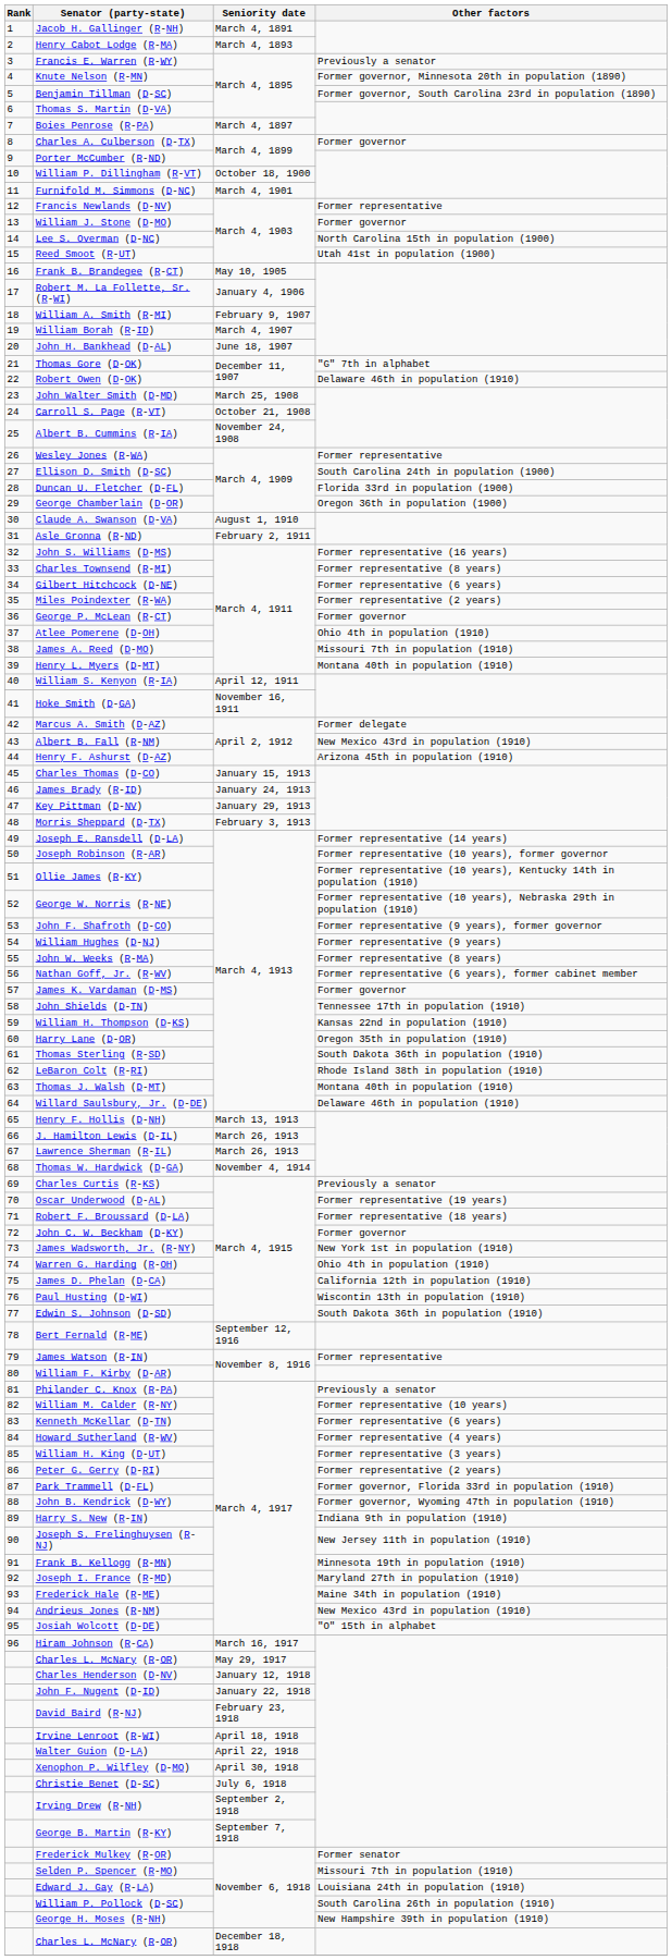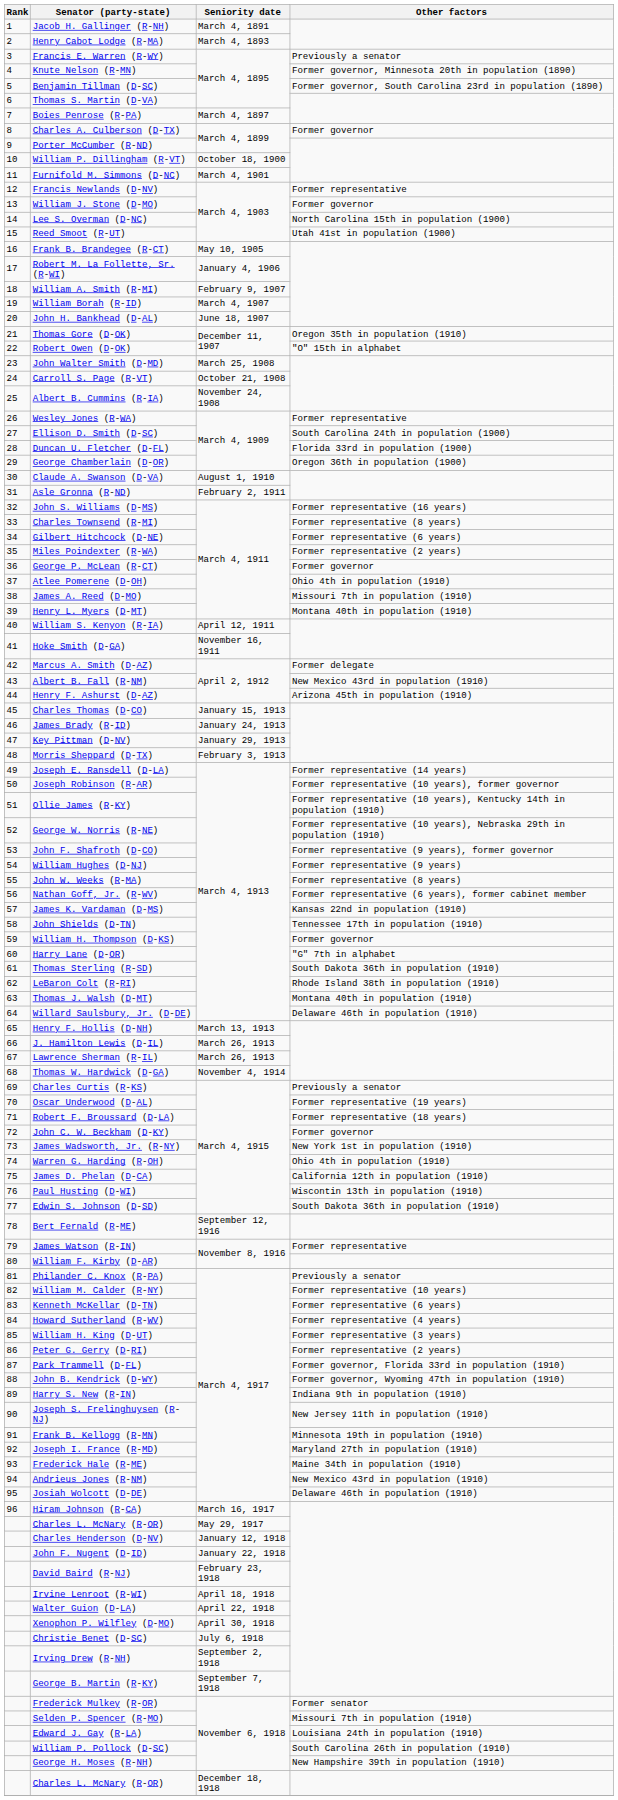 <table class=wikitable>
 <tr valign=bottom>
 <th>Rank</th>
 <th>Senator (party-state)</th>
 <th>Seniority date</th>
 <th>Other factors</th>
 </tr>
 <tr>
 <td>1</td>
 <td><a href='#'>Jacob H. Gallinger</a> (<a href='#'>R</a>-<a href='#'>NH</a>)</td>
 <td>March 4, 1891</td>
 <td rowspan=2></td>
 </tr>
 <tr>
 <td>2</td>
 <td><a href='#'>Henry Cabot Lodge</a> (<a href='#'>R</a>-<a href='#'>MA</a>)</td>
 <td>March 4, 1893</td>
 </tr>
 <tr>
 <td>3</td>
 <td><a href='#'>Francis E. Warren</a> (<a href='#'>R</a>-<a href='#'>WY</a>)</td>
 <td rowspan=4>March 4, 1895</td>
 <td>Previously a senator</td>
 </tr>
 <tr>
 <td>4</td>
 <td><a href='#'>Knute Nelson</a> (<a href='#'>R</a>-<a href='#'>MN</a>)</td>
 <td>Former governor, Minnesota 20th in population (1890)</td>
 </tr>
 <tr>
 <td>5</td>
 <td><a href='#'>Benjamin Tillman</a> (<a href='#'>D</a>-<a href='#'>SC</a>)</td>
 <td>Former governor, South Carolina 23rd in population (1890)</td>
 </tr>
 <tr>
 <td>6</td>
 <td><a href='#'>Thomas S. Martin</a> (<a href='#'>D</a>-<a href='#'>VA</a>)</td>
 <td rowspan=2></td>
 </tr>
 <tr>
 <td>7</td>
 <td><a href='#'>Boies Penrose</a> (<a href='#'>R</a>-<a href='#'>PA</a>)</td>
 <td>March 4, 1897</td>
 </tr>
 <tr>
 <td>8</td>
 <td><a href='#'>Charles A. Culberson</a> (<a href='#'>D</a>-<a href='#'>TX</a>)</td>
 <td rowspan=2>March 4, 1899</td>
 <td>Former governor</td>
 </tr>
 <tr>
 <td>9</td>
 <td><a href='#'>Porter McCumber</a> (<a href='#'>R</a>-<a href='#'>ND</a>)</td>
 <td rowspan=3></td>
 </tr>
 <tr>
 <td>10</td>
 <td><a href='#'>William P. Dillingham</a> (<a href='#'>R</a>-<a href='#'>VT</a>)</td>
 <td>October 18, 1900</td>
 </tr>
 <tr>
 <td>11</td>
 <td><a href='#'>Furnifold M. Simmons</a> (<a href='#'>D</a>-<a href='#'>NC</a>)</td>
 <td>March 4, 1901</td>
 </tr>
 <tr>
 <td>12</td>
 <td><a href='#'>Francis Newlands</a> (<a href='#'>D</a>-<a href='#'>NV</a>)</td>
 <td rowspan=4>March 4, 1903</td>
 <td>Former representative</td>
 </tr>
 <tr>
 <td>13</td>
 <td><a href='#'>William J. Stone</a> (<a href='#'>D</a>-<a href='#'>MO</a>)</td>
 <td>Former governor</td>
 </tr>
 <tr>
 <td>14</td>
 <td><a href='#'>Lee S. Overman</a> (<a href='#'>D</a>-<a href='#'>NC</a>)</td>
 <td>North Carolina 15th in population (1900)</td>
 </tr>
 <tr>
 <td>15</td>
 <td><a href='#'>Reed Smoot</a> (<a href='#'>R</a>-<a href='#'>UT</a>)</td>
 <td>Utah 41st in population (1900)</td>
 </tr>
 <tr>
 <td>16</td>
 <td><a href='#'>Frank B. Brandegee</a> (<a href='#'>R</a>-<a href='#'>CT</a>)</td>
 <td>May 10, 1905</td>
 <td rowspan=5></td>
 </tr>
 <tr>
 <td>17</td>
 <td><a href='#'>Robert M. La Follette, Sr.</a> (<a href='#'>R</a>-<a href='#'>WI</a>)</td>
 <td>January 4, 1906</td>
 </tr>
 <tr>
 <td>18</td>
 <td><a href='#'>William A. Smith</a> (<a href='#'>R</a>-<a href='#'>MI</a>) </td>
 <td>February 9, 1907</td>
 </tr>
 <tr>
 <td>19</td>
 <td><a href='#'>William Borah</a> (<a href='#'>R</a>-<a href='#'>ID</a>)</td>
 <td>March 4, 1907</td>
 </tr>
 <tr>
 <td>20</td>
 <td><a href='#'>John H. Bankhead</a> (<a href='#'>D</a>-<a href='#'>AL</a>)</td>
 <td>June 18, 1907</td>
 </tr>
 <tr>
 <td>21</td>
 <td><a href='#'>Thomas Gore</a> (<a href='#'>D</a>-<a href='#'>OK</a>)</td>
 <td rowspan=2>December 11, 1907</td>
-<td>"G" 7th in alphabet</td>
+<td>Oregon 35th in population (1910)</td>
 </tr>
 <tr>
 <td>22</td>
 <td><a href='#'>Robert Owen</a> (<a href='#'>D</a>-<a href='#'>OK</a>)</td>
-<td>Delaware 46th in population (1910)</td>
+<td>"O" 15th in alphabet</td>
 </tr>
 <tr>
 <td>23</td>
 <td><a href='#'>John Walter Smith</a> (<a href='#'>D</a>-<a href='#'>MD</a>)</td>
 <td>March 25, 1908</td>
 <td rowspan=3></td>
 </tr>
 <tr>
 <td>24</td>
 <td><a href='#'>Carroll S. Page</a> (<a href='#'>R</a>-<a href='#'>VT</a>)</td>
 <td>October 21, 1908</td>
 </tr>
 <tr>
 <td>25</td>
 <td><a href='#'>Albert B. Cummins</a> (<a href='#'>R</a>-<a href='#'>IA</a>)</td>
 <td>November 24, 1908</td>
 </tr>
 <tr>
 <td>26</td>
 <td><a href='#'>Wesley Jones</a> (<a href='#'>R</a>-<a href='#'>WA</a>)</td>
 <td rowspan=4>March 4, 1909</td>
 <td>Former representative</td>
 </tr>
 <tr>
 <td>27</td>
 <td><a href='#'>Ellison D. Smith</a> (<a href='#'>D</a>-<a href='#'>SC</a>)</td>
 <td>South Carolina 24th in population (1900)</td>
 </tr>
 <tr>
 <td>28</td>
 <td><a href='#'>Duncan U. Fletcher</a> (<a href='#'>D</a>-<a href='#'>FL</a>)</td>
 <td>Florida 33rd in population (1900)</td>
 </tr>
 <tr>
 <td>29</td>
 <td><a href='#'>George Chamberlain</a> (<a href='#'>D</a>-<a href='#'>OR</a>)</td>
 <td>Oregon 36th in population (1900)</td>
 </tr>
 <tr>
 <td>30</td>
 <td><a href='#'>Claude A. Swanson</a> (<a href='#'>D</a>-<a href='#'>VA</a>)</td>
 <td>August 1, 1910</td>
 <td rowspan=2></td>
 </tr>
 <tr>
 <td>31</td>
 <td><a href='#'>Asle Gronna</a> (<a href='#'>R</a>-<a href='#'>ND</a>)</td>
 <td>February 2, 1911</td>
 </tr>
 <tr>
 <td>32</td>
 <td><a href='#'>John S. Williams</a> (<a href='#'>D</a>-<a href='#'>MS</a>)</td>
 <td rowspan=8>March 4, 1911</td>
 <td>Former representative (16 years)</td>
 </tr>
 <tr>
 <td>33</td>
 <td><a href='#'>Charles Townsend</a> (<a href='#'>R</a>-<a href='#'>MI</a>)</td>
 <td>Former representative (8 years)</td>
 </tr>
 <tr>
 <td>34</td>
 <td><a href='#'>Gilbert Hitchcock</a> (<a href='#'>D</a>-<a href='#'>NE</a>)</td>
 <td>Former representative (6 years)</td>
 </tr>
 <tr>
 <td>35</td>
 <td><a href='#'>Miles Poindexter</a> (<a href='#'>R</a>-<a href='#'>WA</a>)</td>
 <td>Former representative (2 years)</td>
 </tr>
 <tr>
 <td>36</td>
 <td><a href='#'>George P. McLean</a> (<a href='#'>R</a>-<a href='#'>CT</a>)</td>
 <td>Former governor</td>
 </tr>
 <tr>
 <td>37</td>
 <td><a href='#'>Atlee Pomerene</a> (<a href='#'>D</a>-<a href='#'>OH</a>)</td>
 <td>Ohio 4th in population (1910)</td>
 </tr>
 <tr>
 <td>38</td>
 <td><a href='#'>James A. Reed</a> (<a href='#'>D</a>-<a href='#'>MO</a>)</td>
 <td>Missouri 7th in population (1910)</td>
 </tr>
 <tr>
 <td>39</td>
 <td><a href='#'>Henry L. Myers</a> (<a href='#'>D</a>-<a href='#'>MT</a>)</td>
 <td>Montana 40th in population (1910)</td>
 </tr>
 <tr>
 <td>40</td>
 <td><a href='#'>William S. Kenyon</a> (<a href='#'>R</a>-<a href='#'>IA</a>)</td>
 <td>April 12, 1911</td>
 <td rowspan=2></td>
 </tr>
 <tr>
 <td>41</td>
 <td><a href='#'>Hoke Smith</a> (<a href='#'>D</a>-<a href='#'>GA</a>)</td>
 <td>November 16, 1911</td>
 </tr>
 <tr>
 <td>42</td>
 <td><a href='#'>Marcus A. Smith</a> (<a href='#'>D</a>-<a href='#'>AZ</a>)</td>
 <td rowspan=3>April 2, 1912</td>
 <td>Former delegate</td>
 </tr>
 <tr>
 <td>43</td>
 <td><a href='#'>Albert B. Fall</a> (<a href='#'>R</a>-<a href='#'>NM</a>)</td>
 <td>New Mexico 43rd in population (1910)</td>
 </tr>
 <tr>
 <td>44</td>
 <td><a href='#'>Henry F. Ashurst</a> (<a href='#'>D</a>-<a href='#'>AZ</a>)</td>
 <td>Arizona 45th in population (1910)</td>
 </tr>
 <tr>
 <td>45</td>
 <td><a href='#'>Charles Thomas</a> (<a href='#'>D</a>-<a href='#'>CO</a>)</td>
 <td>January 15, 1913</td>
 <td rowspan=4></td>
 </tr>
 <tr>
 <td>46</td>
 <td><a href='#'>James Brady</a> (<a href='#'>R</a>-<a href='#'>ID</a>)</td>
 <td>January 24, 1913</td>
 </tr>
 <tr>
 <td>47</td>
 <td><a href='#'>Key Pittman</a> (<a href='#'>D</a>-<a href='#'>NV</a>)</td>
 <td>January 29, 1913</td>
 </tr>
 <tr>
 <td>48</td>
 <td><a href='#'>Morris Sheppard</a> (<a href='#'>D</a>-<a href='#'>TX</a>)</td>
 <td>February 3, 1913</td>
 </tr>
 <tr>
 <td>49</td>
 <td><a href='#'>Joseph E. Ransdell</a> (<a href='#'>D</a>-<a href='#'>LA</a>)</td>
 <td rowspan=16>March 4, 1913</td>
 <td>Former representative (14 years)</td>
 </tr>
 <tr>
 <td>50</td>
 <td><a href='#'>Joseph Robinson</a> (<a href='#'>R</a>-<a href='#'>AR</a>)</td>
 <td>Former representative (10 years), former governor</td>
 </tr>
 <tr>
 <td>51</td>
 <td><a href='#'>Ollie James</a> (<a href='#'>R</a>-<a href='#'>KY</a>)</td>
 <td>Former representative (10 years), Kentucky 14th in population (1910)</td>
 </tr>
 <tr>
 <td>52</td>
 <td><a href='#'>George W. Norris</a> (<a href='#'>R</a>-<a href='#'>NE</a>)</td>
 <td>Former representative (10 years), Nebraska 29th in population (1910)</td>
 </tr>
 <tr>
 <td>53</td>
 <td><a href='#'>John F. Shafroth</a> (<a href='#'>D</a>-<a href='#'>CO</a>)</td>
 <td>Former representative (9 years), former governor</td>
 </tr>
 <tr>
 <td>54</td>
 <td><a href='#'>William Hughes</a> (<a href='#'>D</a>-<a href='#'>NJ</a>)</td>
 <td>Former representative (9 years)</td>
 </tr>
 <tr>
 <td>55</td>
 <td><a href='#'>John W. Weeks</a> (<a href='#'>R</a>-<a href='#'>MA</a>)</td>
 <td>Former representative (8 years)</td>
 </tr>
 <tr>
 <td>56</td>
 <td><a href='#'>Nathan Goff, Jr.</a> (<a href='#'>R</a>-<a href='#'>WV</a>)</td>
 <td>Former representative (6 years), former cabinet member</td>
 </tr>
 <tr>
 <td>57</td>
 <td><a href='#'>James K. Vardaman</a> (<a href='#'>D</a>-<a href='#'>MS</a>)</td>
-<td>Former governor</td>
+<td>Kansas 22nd in population (1910)</td>
 </tr>
 <tr>
 <td>58</td>
 <td><a href='#'>John Shields</a> (<a href='#'>D</a>-<a href='#'>TN</a>)</td>
 <td>Tennessee 17th in population (1910)</td>
 </tr>
 <tr>
 <td>59</td>
 <td><a href='#'>William H. Thompson</a> (<a href='#'>D</a>-<a href='#'>KS</a>)</td>
-<td>Kansas 22nd in population (1910)</td>
+<td>Former governor</td>
 </tr>
 <tr>
 <td>60</td>
 <td><a href='#'>Harry Lane</a> (<a href='#'>D</a>-<a href='#'>OR</a>)</td>
-<td>Oregon 35th in population (1910)</td>
+<td>"G" 7th in alphabet</td>
 </tr>
 <tr>
 <td>61</td>
 <td><a href='#'>Thomas Sterling</a> (<a href='#'>R</a>-<a href='#'>SD</a>)</td>
 <td>South Dakota 36th in population (1910)</td>
 </tr>
 <tr>
 <td>62</td>
 <td><a href='#'>LeBaron Colt</a> (<a href='#'>R</a>-<a href='#'>RI</a>)</td>
 <td>Rhode Island 38th in population (1910)</td>
 </tr>
 <tr>
 <td>63</td>
 <td><a href='#'>Thomas J. Walsh</a> (<a href='#'>D</a>-<a href='#'>MT</a>)</td>
 <td>Montana 40th in population (1910)</td>
 </tr>
 <tr>
 <td>64</td>
 <td><a href='#'>Willard Saulsbury, Jr.</a> (<a href='#'>D</a>-<a href='#'>DE</a>)</td>
 <td>Delaware 46th in population (1910)</td>
 </tr>
 <tr>
 <td>65</td>
 <td><a href='#'>Henry F. Hollis</a> (<a href='#'>D</a>-<a href='#'>NH</a>)</td>
 <td>March 13, 1913</td>
 <td rowspan=4></td>
 </tr>
 <tr>
 <td>66</td>
 <td><a href='#'>J. Hamilton Lewis</a> (<a href='#'>D</a>-<a href='#'>IL</a>)</td>
 <td>March 26, 1913</td>
 </tr>
 <tr>
 <td>67</td>
 <td><a href='#'>Lawrence Sherman</a> (<a href='#'>R</a>-<a href='#'>IL</a>)</td>
 <td>March 26, 1913</td>
 </tr>
 <tr>
 <td>68</td>
 <td><a href='#'>Thomas W. Hardwick</a> (<a href='#'>D</a>-<a href='#'>GA</a>)</td>
 <td>November 4, 1914</td>
 </tr>
 <tr>
 <td>69</td>
 <td><a href='#'>Charles Curtis</a> (<a href='#'>R</a>-<a href='#'>KS</a>)</td>
 <td rowspan=9>March 4, 1915</td>
 <td>Previously a senator</td>
 </tr>
 <tr>
 <td>70</td>
 <td><a href='#'>Oscar Underwood</a> (<a href='#'>D</a>-<a href='#'>AL</a>)</td>
 <td>Former representative (19 years)</td>
 </tr>
 <tr>
 <td>71</td>
 <td><a href='#'>Robert F. Broussard</a> (<a href='#'>D</a>-<a href='#'>LA</a>)</td>
 <td>Former representative (18 years)</td>
 </tr>
 <tr>
 <td>72</td>
 <td><a href='#'>John C. W. Beckham</a> (<a href='#'>D</a>-<a href='#'>KY</a>)</td>
 <td>Former governor</td>
 </tr>
 <tr>
 <td>73</td>
 <td><a href='#'>James Wadsworth, Jr.</a> (<a href='#'>R</a>-<a href='#'>NY</a>)</td>
 <td>New York 1st in population (1910)</td>
 </tr>
 <tr>
 <td>74</td>
 <td><a href='#'>Warren G. Harding</a> (<a href='#'>R</a>-<a href='#'>OH</a>)</td>
 <td>Ohio 4th in population (1910)</td>
 </tr>
 <tr>
 <td>75</td>
 <td><a href='#'>James D. Phelan</a> (<a href='#'>D</a>-<a href='#'>CA</a>)</td>
 <td>California 12th in population (1910)</td>
 </tr>
 <tr>
 <td>76</td>
 <td><a href='#'>Paul Husting</a> (<a href='#'>D</a>-<a href='#'>WI</a>)</td>
 <td>Wiscontin 13th in population (1910)</td>
 </tr>
 <tr>
 <td>77</td>
 <td><a href='#'>Edwin S. Johnson</a> (<a href='#'>D</a>-<a href='#'>SD</a>)</td>
 <td>South Dakota 36th in population (1910)</td>
 </tr>
 <tr>
 <td>78</td>
 <td><a href='#'>Bert Fernald</a> (<a href='#'>R</a>-<a href='#'>ME</a>)</td>
 <td>September 12, 1916</td>
 <td></td>
 </tr>
 <tr>
 <td>79</td>
 <td><a href='#'>James Watson</a> (<a href='#'>R</a>-<a href='#'>IN</a>)</td>
 <td rowspan=2>November 8, 1916</td>
 <td>Former representative</td>
 </tr>
 <tr>
 <td>80</td>
 <td><a href='#'>William F. Kirby</a> (<a href='#'>D</a>-<a href='#'>AR</a>)</td>
 <td></td>
 </tr>
 <tr>
 <td>81</td>
 <td><a href='#'>Philander C. Knox</a> (<a href='#'>R</a>-<a href='#'>PA</a>)</td>
 <td rowspan=15>March 4, 1917</td>
 <td>Previously a senator</td>
 </tr>
 <tr>
 <td>82</td>
 <td><a href='#'>William M. Calder</a> (<a href='#'>R</a>-<a href='#'>NY</a>)</td>
 <td>Former representative (10 years)</td>
 </tr>
 <tr>
 <td>83</td>
 <td><a href='#'>Kenneth McKellar</a> (<a href='#'>D</a>-<a href='#'>TN</a>)</td>
 <td>Former representative (6 years)</td>
 </tr>
 <tr>
 <td>84</td>
 <td><a href='#'>Howard Sutherland</a> (<a href='#'>R</a>-<a href='#'>WV</a>)</td>
 <td>Former representative (4 years)</td>
 </tr>
 <tr>
 <td>85</td>
 <td><a href='#'>William H. King</a> (<a href='#'>D</a>-<a href='#'>UT</a>)</td>
 <td>Former representative (3 years)</td>
 </tr>
 <tr>
 <td>86</td>
 <td><a href='#'>Peter G. Gerry</a> (<a href='#'>D</a>-<a href='#'>RI</a>)</td>
 <td>Former representative (2 years)</td>
 </tr>
 <tr>
 <td>87</td>
 <td><a href='#'>Park Trammell</a> (<a href='#'>D</a>-<a href='#'>FL</a>)</td>
 <td>Former governor, Florida 33rd in population (1910)</td>
 </tr>
 <tr>
 <td>88</td>
 <td><a href='#'>John B. Kendrick</a> (<a href='#'>D</a>-<a href='#'>WY</a>)</td>
 <td>Former governor, Wyoming 47th in population (1910)</td>
 </tr>
 <tr>
 <td>89</td>
 <td><a href='#'>Harry S. New</a> (<a href='#'>R</a>-<a href='#'>IN</a>)</td>
 <td>Indiana 9th in population (1910)</td>
 </tr>
 <tr>
 <td>90</td>
 <td><a href='#'>Joseph S. Frelinghuysen</a> (<a href='#'>R</a>-<a href='#'>NJ</a>)</td>
 <td>New Jersey 11th in population (1910)</td>
 </tr>
 <tr>
 <td>91</td>
 <td><a href='#'>Frank B. Kellogg</a> (<a href='#'>R</a>-<a href='#'>MN</a>)</td>
 <td>Minnesota 19th in population (1910)</td>
 </tr>
 <tr>
 <td>92</td>
 <td><a href='#'>Joseph I. France</a> (<a href='#'>R</a>-<a href='#'>MD</a>)</td>
 <td>Maryland 27th in population (1910)</td>
 </tr>
 <tr>
 <td>93</td>
 <td><a href='#'>Frederick Hale</a> (<a href='#'>R</a>-<a href='#'>ME</a>)</td>
 <td>Maine 34th in population (1910)</td>
 </tr>
 <tr>
 <td>94</td>
 <td><a href='#'>Andrieus Jones</a> (<a href='#'>R</a>-<a href='#'>NM</a>)</td>
 <td>New Mexico 43rd in population (1910)</td>
 </tr>
 <tr>
 <td>95</td>
 <td><a href='#'>Josiah Wolcott</a> (<a href='#'>D</a>-<a href='#'>DE</a>)</td>
-<td>"O" 15th in alphabet</td>
+<td>Delaware 46th in population (1910)</td>
 </tr>
 <tr>
 <td>96</td>
 <td><a href='#'>Hiram Johnson</a> (<a href='#'>R</a>-<a href='#'>CA</a>)</td>
 <td>March 16, 1917</td>
 <td rowspan=11></td>
 </tr>
 <tr>
 <td></td>
 <td><a href='#'>Charles L. McNary</a> (<a href='#'>R</a>-<a href='#'>OR</a>)</td>
 <td>May 29, 1917</td>
 </tr>
 <tr>
 <td></td>
 <td><a href='#'>Charles Henderson</a> (<a href='#'>D</a>-<a href='#'>NV</a>)</td>
 <td>January 12, 1918</td>
 </tr>
 <tr>
 <td></td>
 <td><a href='#'>John F. Nugent</a> (<a href='#'>D</a>-<a href='#'>ID</a>)</td>
 <td>January 22, 1918</td>
 </tr>
 <tr>
 <td></td>
 <td><a href='#'>David Baird</a> (<a href='#'>R</a>-<a href='#'>NJ</a>)</td>
 <td>February 23, 1918</td>
 </tr>
 <tr>
 <td></td>
 <td><a href='#'>Irvine Lenroot</a> (<a href='#'>R</a>-<a href='#'>WI</a>)</td>
 <td>April 18, 1918</td>
 </tr>
 <tr>
 <td></td>
 <td><a href='#'>Walter Guion</a> (<a href='#'>D</a>-<a href='#'>LA</a>)</td>
 <td>April 22, 1918</td>
 </tr>
 <tr>
 <td></td>
 <td><a href='#'>Xenophon P. Wilfley</a> (<a href='#'>D</a>-<a href='#'>MO</a>)</td>
 <td>April 30, 1918</td>
 </tr>
 <tr>
 <td></td>
 <td><a href='#'>Christie Benet</a> (<a href='#'>D</a>-<a href='#'>SC</a>)</td>
 <td>July 6, 1918</td>
 </tr>
 <tr>
 <td></td>
 <td><a href='#'>Irving Drew</a> (<a href='#'>R</a>-<a href='#'>NH</a>)</td>
 <td>September 2, 1918</td>
 </tr>
 <tr>
 <td></td>
 <td><a href='#'>George B. Martin</a> (<a href='#'>R</a>-<a href='#'>KY</a>)</td>
 <td>September 7, 1918</td>
 </tr>
 <tr>
 <td></td>
 <td><a href='#'>Frederick Mulkey</a> (<a href='#'>R</a>-<a href='#'>OR</a>)</td>
 <td rowspan=5>November 6, 1918</td>
 <td>Former senator</td>
 </tr>
 <tr>
 <td></td>
 <td><a href='#'>Selden P. Spencer</a> (<a href='#'>R</a>-<a href='#'>MO</a>)</td>
 <td>Missouri 7th in population (1910)</td>
 </tr>
 <tr>
 <td></td>
 <td><a href='#'>Edward J. Gay</a> (<a href='#'>R</a>-<a href='#'>LA</a>)</td>
 <td>Louisiana 24th in population (1910)</td>
 </tr>
 <tr>
 <td></td>
 <td><a href='#'>William P. Pollock</a> (<a href='#'>D</a>-<a href='#'>SC</a>)</td>
 <td>South Carolina 26th in population (1910)</td>
 </tr>
 <tr>
 <td></td>
 <td><a href='#'>George H. Moses</a> (<a href='#'>R</a>-<a href='#'>NH</a>)</td>
 <td>New Hampshire 39th in population (1910)</td>
 </tr>
 <tr>
 <td></td>
 <td><a href='#'>Charles L. McNary</a> (<a href='#'>R</a>-<a href='#'>OR</a>)</td>
 <td>December 18, 1918</td>
 <td></td>
 </tr>
 <tr>
 </tr>
 </table>
